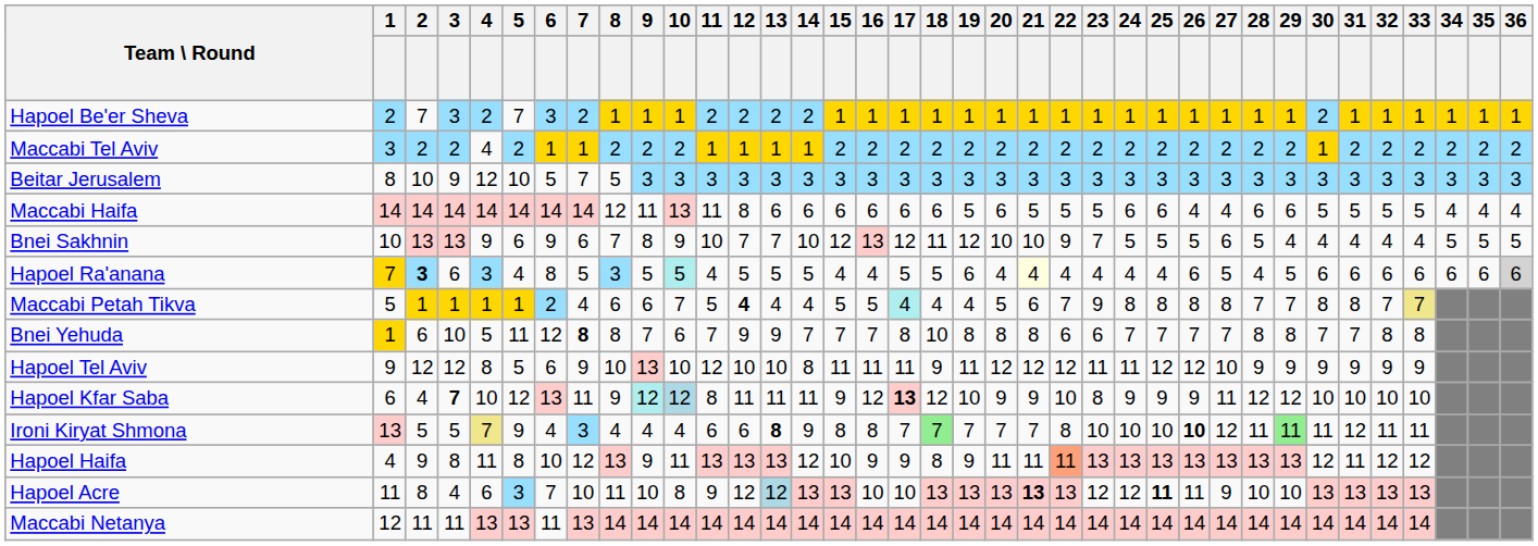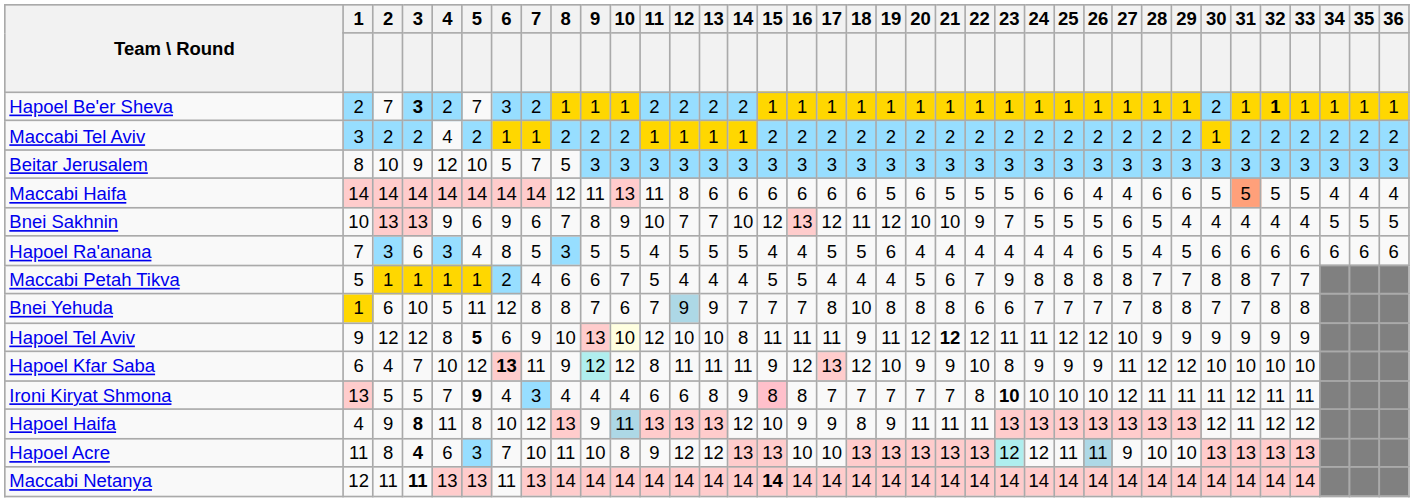 <table class="wikitable sortable" style="font-size: 70%; text-align:center;">
 <tr>
 <th rowspan="2" style="width:200px;">Team \ Round</th>
 <th align=center>1</th>
 <th align=center>2</th>
 <th align=center>3</th>
 <th align=center>4</th>
 <th align=center>5</th>
 <th align=center>6</th>
 <th align=center>7</th>
 <th align=center>8</th>
 <th align=center>9</th>
 <th align=center>10</th>
 <th align=center>11</th>
 <th align=center>12</th>
 <th align=center>13</th>
 <th align=center>14</th>
 <th align=center>15</th>
 <th align=center>16</th>
 <th align=center>17</th>
 <th align=center>18</th>
 <th align=center>19</th>
 <th align=center>20</th>
 <th align=center>21</th>
 <th align=center>22</th>
 <th align=center>23</th>
 <th align=center>24</th>
 <th align=center>25</th>
 <th align=center>26</th>
 <th align=center>27</th>
 <th align=center>28</th>
 <th align=center>29</th>
 <th align=center>30</th>
 <th align=center>31</th>
 <th align=center>32</th>
 <th align=center>33</th>
 <th align=center>34</th>
 <th align=center>35</th>
 <th align=center>36</th>
 </tr>
 <tr>
 <th style="text-align:center; height:30px;"></th>
 <th align=center></th>
 <th align=center></th>
 <th align=center></th>
 <th align=center></th>
 <th align=center></th>
 <th align=center></th>
 <th align=center></th>
 <th align=center></th>
 <th align=center></th>
 <th align=center></th>
 <th align=center></th>
 <th align=center></th>
 <th align=center></th>
 <th align=center></th>
 <th align=center></th>
 <th align=center></th>
 <th align=center></th>
 <th align=center></th>
 <th align=center></th>
 <th align=center></th>
 <th align=center></th>
 <th align=center></th>
 <th align=center></th>
 <th align=center></th>
 <th align=center></th>
 <th align=center></th>
 <th align=center></th>
 <th align=center></th>
 <th align=center></th>
 <th align=center></th>
 <th align=center></th>
 <th align=center></th>
 <th align=center></th>
 <th align=center></th>
 <th align=center></th>
 </tr>
 <tr align=center>
 <td align=left><a href='#'>Hapoel Be'er Sheva</a></td>
 <td style="background:#97DEFF">2</td>
 <td>7</td>
-<td style="background:#97DEFF">3</td>
+<td style="background:#97DEFF"><strong>3</strong></td>
 <td style="background:#97DEFF">2</td>
 <td>7</td>
 <td style="background:#97DEFF">3</td>
 <td style="background:#97DEFF">2</td>
 <td style="background:gold">1</td>
 <td style="background:gold">1</td>
 <td style="background:gold">1</td>
 <td style="background:#97DEFF">2</td>
 <td style="background:#97DEFF">2</td>
 <td style="background:#97DEFF">2</td>
 <td style="background:#97DEFF">2</td>
 <td style="background:gold">1</td>
 <td style="background:gold">1</td>
 <td style="background:gold">1</td>
 <td style="background:gold">1</td>
 <td style="background:gold">1</td>
 <td style="background:gold">1</td>
 <td style="background:gold">1</td>
 <td style="background:gold">1</td>
 <td style="background:gold">1</td>
 <td style="background:gold">1</td>
 <td style="background:gold">1</td>
 <td style="background:gold">1</td>
 <td style="background:gold">1</td>
 <td style="background:gold">1</td>
 <td style="background:gold">1</td>
 <td style="background:#97DEFF">2</td>
 <td style="background:gold">1</td>
-<td style="background:gold">1</td>
+<td style="background:gold"><strong>1</strong></td>
 <td style="background:gold">1</td>
 <td style="background:gold">1</td>
 <td style="background:gold">1</td>
 <td style="background:gold">1</td>
 </tr>
 <tr align=center>
 <td align=left><a href='#'>Maccabi Tel Aviv</a></td>
 <td style="background:#97DEFF">3</td>
 <td style="background:#97DEFF">2</td>
 <td style="background:#97DEFF">2</td>
 <td>4</td>
 <td style="background:#97DEFF">2</td>
 <td style="background:gold">1</td>
 <td style="background:gold">1</td>
 <td style="background:#97DEFF">2</td>
 <td style="background:#97DEFF">2</td>
 <td style="background:#97DEFF">2</td>
 <td style="background:gold">1</td>
 <td style="background:gold">1</td>
 <td style="background:gold">1</td>
 <td style="background:gold">1</td>
 <td style="background:#97DEFF">2</td>
 <td style="background:#97DEFF">2</td>
 <td style="background:#97DEFF">2</td>
 <td style="background:#97DEFF">2</td>
 <td style="background:#97DEFF">2</td>
 <td style="background:#97DEFF">2</td>
 <td style="background:#97DEFF">2</td>
 <td style="background:#97DEFF">2</td>
 <td style="background:#97DEFF">2</td>
 <td style="background:#97DEFF">2</td>
 <td style="background:#97DEFF">2</td>
 <td style="background:#97DEFF">2</td>
 <td style="background:#97DEFF">2</td>
 <td style="background:#97DEFF">2</td>
 <td style="background:#97DEFF">2</td>
 <td style="background:gold">1</td>
 <td style="background:#97DEFF">2</td>
 <td style="background:#97DEFF">2</td>
 <td style="background:#97DEFF">2</td>
 <td style="background:#97DEFF">2</td>
 <td style="background:#97DEFF">2</td>
 <td style="background:#97DEFF">2</td>
 </tr>
 <tr align=center>
 <td align=left><a href='#'>Beitar Jerusalem</a></td>
 <td>8</td>
 <td>10</td>
 <td>9</td>
 <td>12</td>
 <td>10</td>
 <td>5</td>
 <td>7</td>
 <td>5</td>
 <td style="background:#97DEFF">3</td>
 <td style="background:#97DEFF">3</td>
 <td style="background:#97DEFF">3</td>
 <td style="background:#97DEFF">3</td>
 <td style="background:#97DEFF">3</td>
 <td style="background:#97DEFF">3</td>
 <td style="background:#97DEFF">3</td>
 <td style="background:#97DEFF">3</td>
 <td style="background:#97DEFF">3</td>
 <td style="background:#97DEFF">3</td>
 <td style="background:#97DEFF">3</td>
 <td style="background:#97DEFF">3</td>
 <td style="background:#97DEFF">3</td>
 <td style="background:#97DEFF">3</td>
 <td style="background:#97DEFF">3</td>
 <td style="background:#97DEFF">3</td>
 <td style="background:#97DEFF">3</td>
 <td style="background:#97DEFF">3</td>
 <td style="background:#97DEFF">3</td>
 <td style="background:#97DEFF">3</td>
 <td style="background:#97DEFF">3</td>
 <td style="background:#97DEFF">3</td>
 <td style="background:#97DEFF">3</td>
 <td style="background:#97DEFF">3</td>
 <td style="background:#97DEFF">3</td>
 <td style="background:#97DEFF">3</td>
 <td style="background:#97DEFF">3</td>
 <td style="background:#97DEFF">3</td>
 </tr>
 <tr align=center>
 <td align=left><a href='#'>Maccabi Haifa</a></td>
 <td style="background:#fcc">14</td>
 <td style="background:#fcc">14</td>
 <td style="background:#fcc">14</td>
 <td style="background:#fcc">14</td>
 <td style="background:#fcc">14</td>
 <td style="background:#fcc">14</td>
 <td style="background:#fcc">14</td>
 <td>12</td>
 <td>11</td>
 <td style="background:#fcc">13</td>
 <td>11</td>
 <td>8</td>
 <td>6</td>
 <td>6</td>
 <td>6</td>
 <td>6</td>
 <td>6</td>
 <td>6</td>
 <td>5</td>
 <td>6</td>
 <td>5</td>
 <td>5</td>
 <td>5</td>
 <td>6</td>
 <td>6</td>
 <td>4</td>
 <td>4</td>
 <td>6</td>
 <td>6</td>
 <td>5</td>
-<td>5</td>
+<td style="background: lightsalmon;">5</td>
 <td>5</td>
 <td>5</td>
 <td>4</td>
 <td>4</td>
 <td>4</td>
 </tr>
 <tr align=center>
 <td align=left><a href='#'>Bnei Sakhnin</a></td>
 <td>10</td>
 <td style="background:#fcc">13</td>
 <td style="background:#fcc">13</td>
 <td>9</td>
 <td>6</td>
 <td>9</td>
 <td>6</td>
 <td>7</td>
 <td>8</td>
 <td>9</td>
 <td>10</td>
 <td>7</td>
 <td>7</td>
 <td>10</td>
 <td>12</td>
 <td style="background:#fcc">13</td>
 <td>12</td>
 <td>11</td>
 <td>12</td>
 <td>10</td>
 <td>10</td>
 <td>9</td>
 <td>7</td>
 <td>5</td>
 <td>5</td>
 <td>5</td>
 <td>6</td>
 <td>5</td>
 <td>4</td>
 <td>4</td>
 <td>4</td>
 <td>4</td>
 <td>4</td>
 <td>5</td>
 <td>5</td>
 <td>5</td>
 </tr>
 <tr align=center>
 <td align=left><a href='#'>Hapoel Ra'anana</a></td>
-<td style="background: gold;">7</td>
-<td style="background:#97DEFF"><strong>3</strong></td>
+<td>7</td>
+<td style="background:#97DEFF">3</td>
 <td>6</td>
 <td style="background:#97DEFF">3</td>
 <td>4</td>
 <td>8</td>
 <td>5</td>
 <td style="background:#97DEFF">3</td>
 <td>5</td>
-<td style="background: paleturquoise;">5</td>
+<td>5</td>
 <td>4</td>
 <td>5</td>
 <td>5</td>
 <td>5</td>
 <td>4</td>
 <td>4</td>
 <td>5</td>
 <td>5</td>
 <td>6</td>
 <td>4</td>
-<td style="background: lightyellow;">4</td>
+<td>4</td>
 <td>4</td>
 <td>4</td>
 <td>4</td>
 <td>4</td>
 <td>6</td>
 <td>5</td>
 <td>4</td>
 <td>5</td>
 <td>6</td>
 <td>6</td>
 <td>6</td>
 <td>6</td>
 <td>6</td>
 <td>6</td>
-<td style="background: lightgrey;">6</td>
+<td>6</td>
 </tr>
 <tr align=center>
 <td align=left><a href='#'>Maccabi Petah Tikva</a></td>
 <td>5</td>
 <td style="background:gold">1</td>
 <td style="background:gold">1</td>
 <td style="background:gold">1</td>
 <td style="background:gold">1</td>
 <td style="background:#97DEFF">2</td>
 <td>4</td>
 <td>6</td>
 <td>6</td>
 <td>7</td>
 <td>5</td>
-<td><strong>4</strong></td>
+<td>4</td>
 <td>4</td>
 <td>4</td>
 <td>5</td>
 <td>5</td>
-<td style="background: paleturquoise;">4</td>
+<td>4</td>
 <td>4</td>
 <td>4</td>
 <td>5</td>
 <td>6</td>
 <td>7</td>
 <td>9</td>
 <td>8</td>
 <td>8</td>
 <td>8</td>
 <td>8</td>
 <td>7</td>
 <td>7</td>
 <td>8</td>
 <td>8</td>
 <td>7</td>
-<td style="background: khaki;">7</td>
+<td>7</td>
 <td style="background:gray"></td>
 <td style="background:gray"></td>
 <td style="background:gray"></td>
 </tr>
 <tr align=center>
 <td align=left><a href='#'>Bnei Yehuda</a></td>
 <td style="background:gold">1</td>
 <td>6</td>
 <td>10</td>
 <td>5</td>
 <td>11</td>
 <td>12</td>
-<td><strong>8</strong></td>
+<td>8</td>
 <td>8</td>
 <td>7</td>
 <td>6</td>
 <td>7</td>
-<td>9</td>
+<td style="background: lightblue;">9</td>
 <td>9</td>
 <td>7</td>
 <td>7</td>
 <td>7</td>
 <td>8</td>
 <td>10</td>
 <td>8</td>
 <td>8</td>
 <td>8</td>
 <td>6</td>
 <td>6</td>
 <td>7</td>
 <td>7</td>
 <td>7</td>
 <td>7</td>
 <td>8</td>
 <td>8</td>
 <td>7</td>
 <td>7</td>
 <td>8</td>
 <td>8</td>
 <td style="background:gray"></td>
 <td style="background:gray"></td>
 <td style="background:gray"></td>
 </tr>
 <tr align=center>
 <td align=left><a href='#'>Hapoel Tel Aviv</a></td>
 <td>9</td>
 <td>12</td>
 <td>12</td>
 <td>8</td>
-<td>5</td>
+<td><strong>5</strong></td>
 <td>6</td>
 <td>9</td>
 <td>10</td>
 <td style="background:#fcc">13</td>
-<td>10</td>
+<td style="background: lightyellow;">10</td>
 <td>12</td>
 <td>10</td>
 <td>10</td>
 <td>8</td>
 <td>11</td>
 <td>11</td>
 <td>11</td>
 <td>9</td>
 <td>11</td>
 <td>12</td>
-<td>12</td>
+<td><strong>12</strong></td>
 <td>12</td>
 <td>11</td>
 <td>11</td>
 <td>12</td>
 <td>12</td>
 <td>10</td>
 <td>9</td>
 <td>9</td>
 <td>9</td>
 <td>9</td>
 <td>9</td>
 <td>9</td>
 <td style="background:gray"></td>
 <td style="background:gray"></td>
 <td style="background:gray"></td>
 </tr>
 <tr align=center>
 <td align=left><a href='#'>Hapoel Kfar Saba</a></td>
 <td>6</td>
 <td>4</td>
-<td><strong>7</strong></td>
+<td>7</td>
 <td>10</td>
 <td>12</td>
-<td style="background:#fcc">13</td>
+<td style="background:#fcc"><strong>13</strong></td>
 <td>11</td>
 <td>9</td>
 <td style="background: paleturquoise;">12</td>
-<td style="background: lightblue;">12</td>
+<td>12</td>
 <td>8</td>
 <td>11</td>
 <td>11</td>
 <td>11</td>
 <td>9</td>
 <td>12</td>
-<td style="background:#fcc"><strong>13</strong></td>
+<td style="background:#fcc">13</td>
 <td>12</td>
 <td>10</td>
 <td>9</td>
 <td>9</td>
 <td>10</td>
 <td>8</td>
 <td>9</td>
 <td>9</td>
 <td>9</td>
 <td>11</td>
 <td>12</td>
 <td>12</td>
 <td>10</td>
 <td>10</td>
 <td>10</td>
 <td>10</td>
 <td style="background:gray"></td>
 <td style="background:gray"></td>
 <td style="background:gray"></td>
 </tr>
 <tr align=center>
 <td align=left><a href='#'>Ironi Kiryat Shmona</a></td>
 <td style="background:#fcc">13</td>
 <td>5</td>
 <td>5</td>
-<td style="background: khaki;">7</td>
-<td>9</td>
+<td>7</td>
+<td><strong>9</strong></td>
 <td>4</td>
 <td style="background:#97DEFF">3</td>
 <td>4</td>
 <td>4</td>
 <td>4</td>
 <td>6</td>
 <td>6</td>
-<td><strong>8</strong></td>
+<td>8</td>
 <td>9</td>
-<td>8</td>
+<td style="background: pink;">8</td>
 <td>8</td>
 <td>7</td>
-<td style="background: lightgreen;">7</td>
+<td>7</td>
 <td>7</td>
 <td>7</td>
 <td>7</td>
 <td>8</td>
+<td><strong>10</strong></td>
 <td>10</td>
 <td>10</td>
 <td>10</td>
-<td><strong>10</strong></td>
 <td>12</td>
 <td>11</td>
-<td style="background: lightgreen;">11</td>
+<td>11</td>
 <td>11</td>
 <td>12</td>
 <td>11</td>
 <td>11</td>
 <td style="background:gray"></td>
 <td style="background:gray"></td>
 <td style="background:gray"></td>
 </tr>
 <tr align=center>
 <td align=left><a href='#'>Hapoel Haifa</a></td>
 <td>4</td>
 <td>9</td>
-<td>8</td>
+<td><strong>8</strong></td>
 <td>11</td>
 <td>8</td>
 <td>10</td>
 <td>12</td>
 <td style="background:#fcc">13</td>
 <td>9</td>
-<td>11</td>
+<td style="background: lightblue;">11</td>
 <td style="background:#fcc">13</td>
 <td style="background:#fcc">13</td>
 <td style="background:#fcc">13</td>
 <td>12</td>
 <td>10</td>
 <td>9</td>
 <td>9</td>
 <td>8</td>
 <td>9</td>
 <td>11</td>
 <td>11</td>
-<td style="background: lightsalmon;">11</td>
+<td>11</td>
 <td style="background:#fcc">13</td>
 <td style="background:#fcc">13</td>
 <td style="background:#fcc">13</td>
 <td style="background:#fcc">13</td>
 <td style="background:#fcc">13</td>
 <td style="background:#fcc">13</td>
 <td style="background:#fcc">13</td>
 <td>12</td>
 <td>11</td>
 <td>12</td>
 <td>12</td>
 <td style="background:gray"></td>
 <td style="background:gray"></td>
 <td style="background:gray"></td>
 </tr>
 <tr align=center>
 <td align=left><a href='#'>Hapoel Acre</a></td>
 <td>11</td>
 <td>8</td>
-<td>4</td>
+<td><strong>4</strong></td>
 <td>6</td>
 <td style="background:#97DEFF">3</td>
 <td>7</td>
 <td>10</td>
 <td>11</td>
 <td>10</td>
 <td>8</td>
 <td>9</td>
 <td>12</td>
-<td style="background: lightblue;">12</td>
+<td>12</td>
 <td style="background:#fcc">13</td>
 <td style="background:#fcc">13</td>
 <td>10</td>
 <td>10</td>
 <td style="background:#fcc">13</td>
 <td style="background:#fcc">13</td>
 <td style="background:#fcc">13</td>
-<td style="background:#fcc"><strong>13</strong></td>
 <td style="background:#fcc">13</td>
+<td style="background:#fcc">13</td>
+<td style="background: paleturquoise;">12</td>
 <td>12</td>
-<td>12</td>
-<td><strong>11</strong></td>
 <td>11</td>
+<td style="background: lightblue;">11</td>
 <td>9</td>
 <td>10</td>
 <td>10</td>
 <td style="background:#fcc">13</td>
 <td style="background:#fcc">13</td>
 <td style="background:#fcc">13</td>
 <td style="background:#fcc">13</td>
 <td style="background:gray"></td>
 <td style="background:gray"></td>
 <td style="background:gray"></td>
 </tr>
 <tr align=center>
 <td align=left><a href='#'>Maccabi Netanya</a></td>
 <td>12</td>
 <td>11</td>
-<td>11</td>
+<td><strong>11</strong></td>
 <td style="background:#fcc">13</td>
 <td style="background:#fcc">13</td>
 <td>11</td>
 <td style="background:#fcc">13</td>
 <td style="background:#fcc">14</td>
 <td style="background:#fcc">14</td>
 <td style="background:#fcc">14</td>
 <td style="background:#fcc">14</td>
 <td style="background:#fcc">14</td>
 <td style="background:#fcc">14</td>
 <td style="background:#fcc">14</td>
-<td style="background:#fcc">14</td>
+<td style="background:#fcc"><strong>14</strong></td>
 <td style="background:#fcc">14</td>
 <td style="background:#fcc">14</td>
 <td style="background:#fcc">14</td>
 <td style="background:#fcc">14</td>
 <td style="background:#fcc">14</td>
 <td style="background:#fcc">14</td>
 <td style="background:#fcc">14</td>
 <td style="background:#fcc">14</td>
 <td style="background:#fcc">14</td>
 <td style="background:#fcc">14</td>
 <td style="background:#fcc">14</td>
 <td style="background:#fcc">14</td>
 <td style="background:#fcc">14</td>
 <td style="background:#fcc">14</td>
 <td style="background:#fcc">14</td>
 <td style="background:#fcc">14</td>
 <td style="background:#fcc">14</td>
 <td style="background:#fcc">14</td>
 <td style="background:gray"></td>
 <td style="background:gray"></td>
 <td style="background:gray"></td>
 </tr>
 </table>
